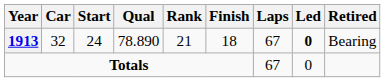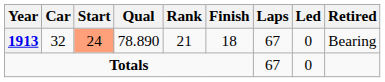 <table class="wikitable" style="text-align:center">
 <tr>
 <th>Year</th>
 <th>Car</th>
 <th>Start</th>
 <th>Qual</th>
 <th>Rank</th>
 <th>Finish</th>
 <th>Laps</th>
 <th>Led</th>
 <th>Retired</th>
 </tr>
 <tr>
 <th><a href='#'>1913</a></th>
 <td>32</td>
-<td>24</td>
+<td style="background: lightsalmon;">24</td>
 <td>78.890</td>
 <td>21</td>
 <td>18</td>
 <td>67</td>
-<td><strong>0</strong></td>
+<td>0</td>
 <td>Bearing</td>
 </tr>
 <tr>
 <td colspan=6><strong>Totals</strong></td>
 <td>67</td>
 <td>0</td>
 <td></td>
 </tr>
 </table>
